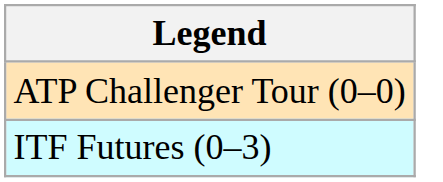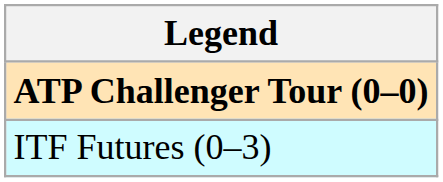 <table class="wikitable">
 <tr>
 <th>Legend</th>
 </tr>
 <tr style="background:moccasin;">
-<td>ATP Challenger Tour (0–0)</td>
+<td><strong>ATP Challenger Tour (0–0)</strong></td>
 </tr>
 <tr style="background:#cffcff;">
 <td>ITF Futures (0–3)</td>
 </tr>
 </table>
